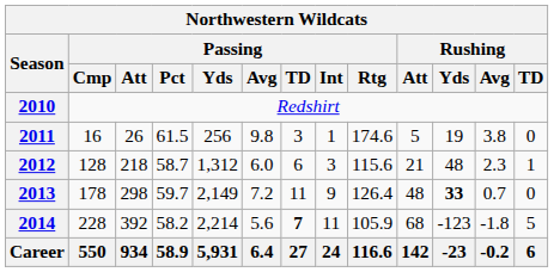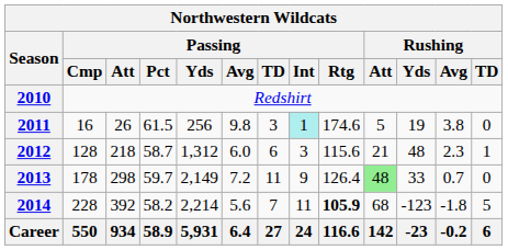 <table class="wikitable" style="text-align:center;">
 <tr>
 <th colspan="16">Northwestern Wildcats</th>
 </tr>
 <tr>
 <th rowspan="2">Season</th>
 <th colspan="8">Passing</th>
 <th colspan="4">Rushing</th>
 </tr>
 <tr>
 <th>Cmp</th>
 <th>Att</th>
 <th>Pct</th>
 <th>Yds</th>
 <th>Avg</th>
 <th>TD</th>
 <th>Int</th>
 <th>Rtg</th>
 <th>Att</th>
 <th>Yds</th>
 <th>Avg</th>
 <th>TD</th>
 </tr>
 <tr>
 <th><a href='#'>2010</a></th>
 <td colspan="12"> <em><a href='#'>Redshirt</a></em></td>
 </tr>
 <tr>
 <th><a href='#'>2011</a></th>
 <td>16</td>
 <td>26</td>
 <td>61.5</td>
 <td>256</td>
 <td>9.8</td>
 <td>3</td>
-<td>1</td>
+<td style="background: paleturquoise;">1</td>
 <td>174.6</td>
 <td>5</td>
 <td>19</td>
 <td>3.8</td>
 <td>0</td>
 </tr>
 <tr>
 <th><a href='#'>2012</a></th>
 <td>128</td>
 <td>218</td>
 <td>58.7</td>
 <td>1,312</td>
 <td>6.0</td>
 <td>6</td>
 <td>3</td>
 <td>115.6</td>
 <td>21</td>
 <td>48</td>
 <td>2.3</td>
 <td>1</td>
 </tr>
 <tr>
 <th><a href='#'>2013</a></th>
 <td>178</td>
 <td>298</td>
 <td>59.7</td>
 <td>2,149</td>
 <td>7.2</td>
 <td>11</td>
 <td>9</td>
 <td>126.4</td>
-<td>48</td>
-<td><strong>33</strong></td>
+<td style="background: lightgreen;">48</td>
+<td>33</td>
 <td>0.7</td>
 <td>0</td>
 </tr>
 <tr>
 <th><a href='#'>2014</a></th>
 <td>228</td>
 <td>392</td>
 <td>58.2</td>
 <td>2,214</td>
 <td>5.6</td>
-<td><strong>7</strong></td>
+<td>7</td>
 <td>11</td>
-<td>105.9</td>
+<td><strong>105.9</strong></td>
 <td>68</td>
 <td>-123</td>
 <td>-1.8</td>
 <td>5</td>
 </tr>
 <tr>
 <th>Career</th>
 <th>550</th>
 <th>934</th>
 <th>58.9</th>
 <th>5,931</th>
 <th>6.4</th>
 <th>27</th>
 <th>24</th>
 <th>116.6</th>
 <th>142</th>
 <th>-23</th>
 <th>-0.2</th>
 <th>6</th>
 </tr>
 </table>
